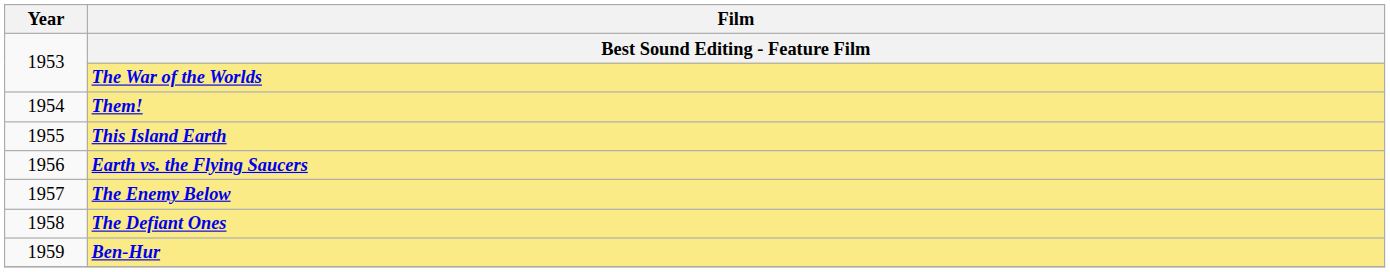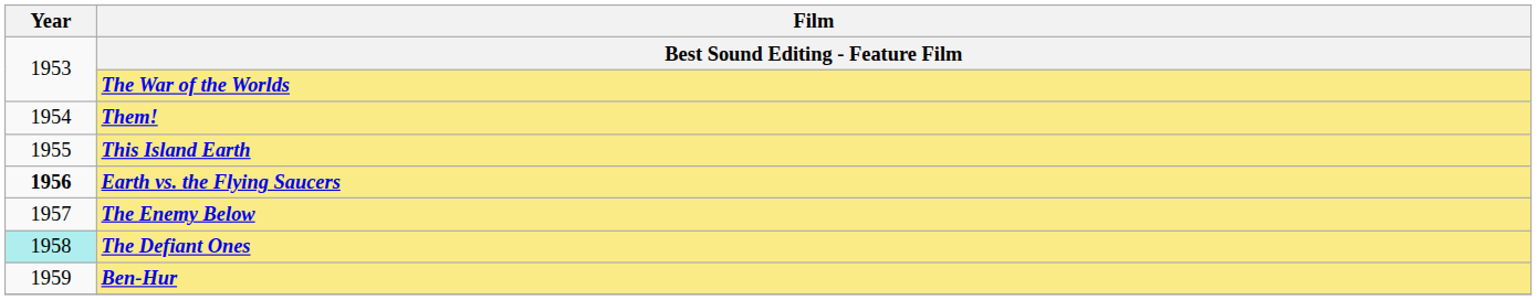 <table class="wikitable" width="95%" cellpadding="5">
 <tr>
 <th width="6%">Year</th>
 <th width="100%">Film</th>
 </tr>
 <tr>
 <td rowspan=2 style="text-align:center">1953</td>
 <th colspan="2">Best Sound Editing - Feature Film</th>
 </tr>
 <tr style="background:#FAEB86;">
 <td><strong><em><a href='#'>The War of the Worlds</a></em></strong></td>
 </tr>
 <tr>
 <td rowspan=1 style="text-align:center">1954</td>
 <td style="background:#FAEB86;"><strong><em><a href='#'>Them!</a></em></strong></td>
 </tr>
 <tr>
 <td rowspan=1 style="text-align:center">1955</td>
 <td style="background:#FAEB86;"><strong><em><a href='#'>This Island Earth</a></em></strong></td>
 </tr>
 <tr>
-<td rowspan=1 style="text-align:center">1956</td>
+<td rowspan=1 style="text-align:center"><strong>1956</strong></td>
 <td style="background:#FAEB86;"><strong><em><a href='#'>Earth vs. the Flying Saucers</a></em></strong></td>
 </tr>
 <tr>
 <td rowspan=1 style="text-align:center">1957</td>
 <td style="background:#FAEB86;"><strong><em><a href='#'>The Enemy Below</a></em></strong></td>
 </tr>
 <tr>
-<td rowspan=1 style="text-align:center">1958</td>
+<td rowspan=1 style="background: paleturquoise; text-align:center">1958</td>
 <td style="background:#FAEB86;"><strong><em><a href='#'>The Defiant Ones</a></em></strong></td>
 </tr>
 <tr>
 <td rowspan=1 style="text-align:center">1959</td>
 <td style="background:#FAEB86;"><strong><em><a href='#'>Ben-Hur</a></em></strong></td>
 </tr>
 <tr>
 </tr>
 </table>
